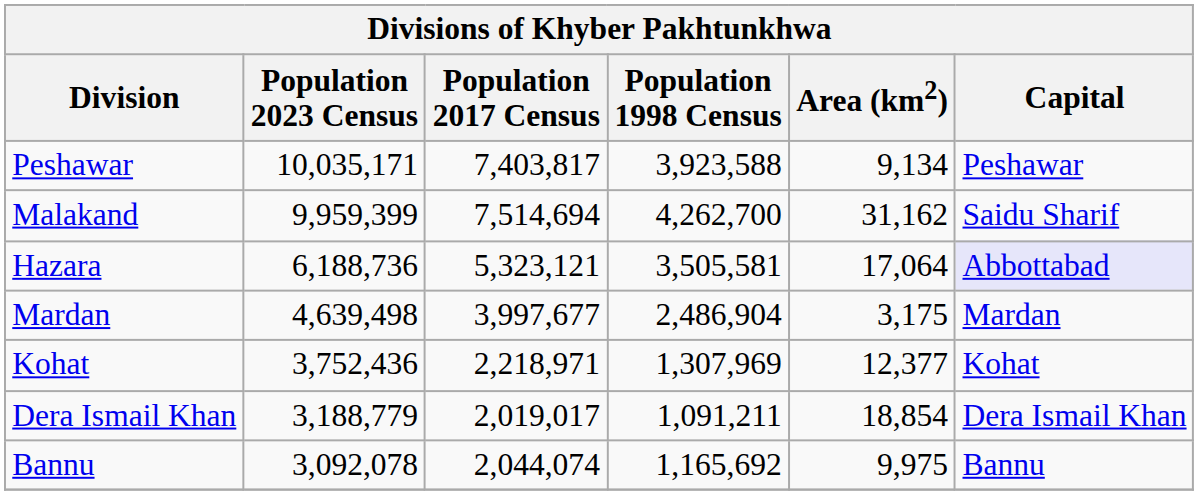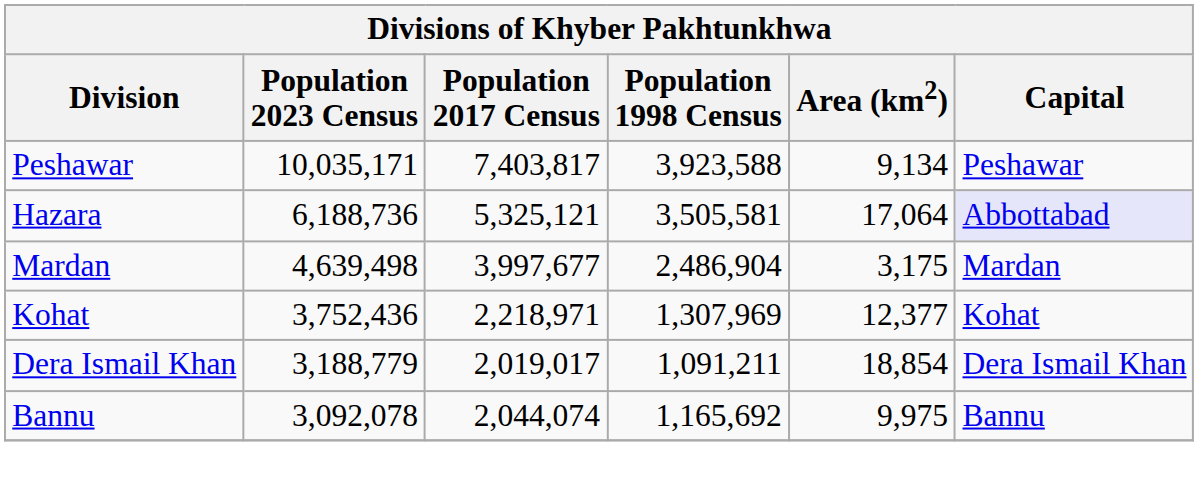 <table class="wikitable sortable" style="align:left;">
 <tr>
 <th colspan="6">Divisions of Khyber Pakhtunkhwa</th>
 </tr>
 <tr>
 <th>Division</th>
 <th>Population<br>2023 Census</th>
 <th>Population<br>2017 Census</th>
 <th>Population<br>1998 Census</th>
 <th>Area (km<sup>2</sup>)</th>
 <th>Capital</th>
 </tr>
 <tr>
 <td><a href='#'>Peshawar</a></td>
 <td align="right">10,035,171</td>
 <td align="right">7,403,817</td>
 <td align="right">3,923,588</td>
 <td align="right">9,134</td>
 <td><a href='#'>Peshawar</a></td>
 </tr>
 <tr>
-<td><a href='#'>Malakand</a></td>
-<td align="right">9,959,399</td>
-<td align="right">7,514,694</td>
-<td align="right">4,262,700</td>
-<td align="right">31,162</td>
-<td><a href='#'>Saidu Sharif</a></td>
-</tr>
-<tr>
 <td><a href='#'>Hazara</a></td>
 <td align="right">6,188,736</td>
-<td align="right">5,323,121</td>
+<td align="right">5,325,121</td>
 <td align="right">3,505,581</td>
 <td align="right">17,064</td>
 <td style="background: lavender;"><a href='#'>Abbottabad</a></td>
 </tr>
 <tr>
 <td><a href='#'>Mardan</a></td>
 <td align="right">4,639,498</td>
 <td align="right">3,997,677</td>
 <td align="right">2,486,904</td>
 <td align="right">3,175</td>
 <td><a href='#'>Mardan</a></td>
 </tr>
 <tr>
 <td><a href='#'>Kohat</a></td>
 <td align="right">3,752,436</td>
 <td align="right">2,218,971</td>
 <td align="right">1,307,969</td>
 <td align="right">12,377</td>
 <td><a href='#'>Kohat</a></td>
 </tr>
 <tr>
 <td><a href='#'>Dera Ismail Khan</a></td>
 <td align="right">3,188,779</td>
 <td align="right">2,019,017</td>
 <td align="right">1,091,211</td>
 <td align="right">18,854</td>
 <td><a href='#'>Dera Ismail Khan</a></td>
 </tr>
 <tr>
 <td><a href='#'>Bannu</a></td>
 <td align="right">3,092,078</td>
 <td align="right">2,044,074</td>
 <td align="right">1,165,692</td>
 <td align="right">9,975</td>
 <td><a href='#'>Bannu</a></td>
 </tr>
 <tr>
 </tr>
 </table>
